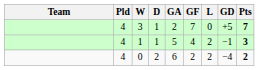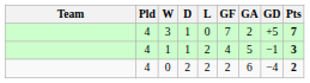 <table class="wikitable" style="text-align:center;">
 <tr>
 <th width=175>Team</th>
 <th style="width:20px;" abbr="Played">Pld</th>
 <th style="width:20px;" abbr="Won">W</th>
 <th style="width:20px;" abbr="Drawn">D</th>
+<th style="width:20px;" abbr="Lost">L</th>
+<th style="width:20px;" abbr="Goals for">GF</th>
 <th style="width:20px;" abbr="Goals against">GA</th>
-<th style="width:20px;" abbr="Goals for">GF</th>
-<th style="width:20px;" abbr="Lost">L</th>
 <th style="width:20px;" abbr="Goal difference">GD</th>
 <th style="width:20px;" abbr="Points">Pts</th>
 </tr>
 <tr bgcolor="#ccffcc">
 <td align=left></td>
 <td>4</td>
 <td>3</td>
 <td>1</td>
+<td>0</td>
+<td>7</td>
 <td>2</td>
-<td>7</td>
-<td>0</td>
 <td>+5</td>
 <td><strong>7</strong></td>
 </tr>
 <tr bgcolor="#ccffcc">
 <td align=left></td>
 <td>4</td>
 <td>1</td>
 <td>1</td>
+<td>2</td>
+<td>4</td>
 <td>5</td>
-<td>4</td>
-<td>2</td>
 <td>−1</td>
 <td><strong>3</strong></td>
 </tr>
 <tr>
 <td align=left></td>
 <td>4</td>
 <td>0</td>
 <td>2</td>
-<td>6</td>
 <td>2</td>
 <td>2</td>
+<td>6</td>
 <td>−4</td>
 <td><strong>2</strong></td>
 </tr>
 </table>
